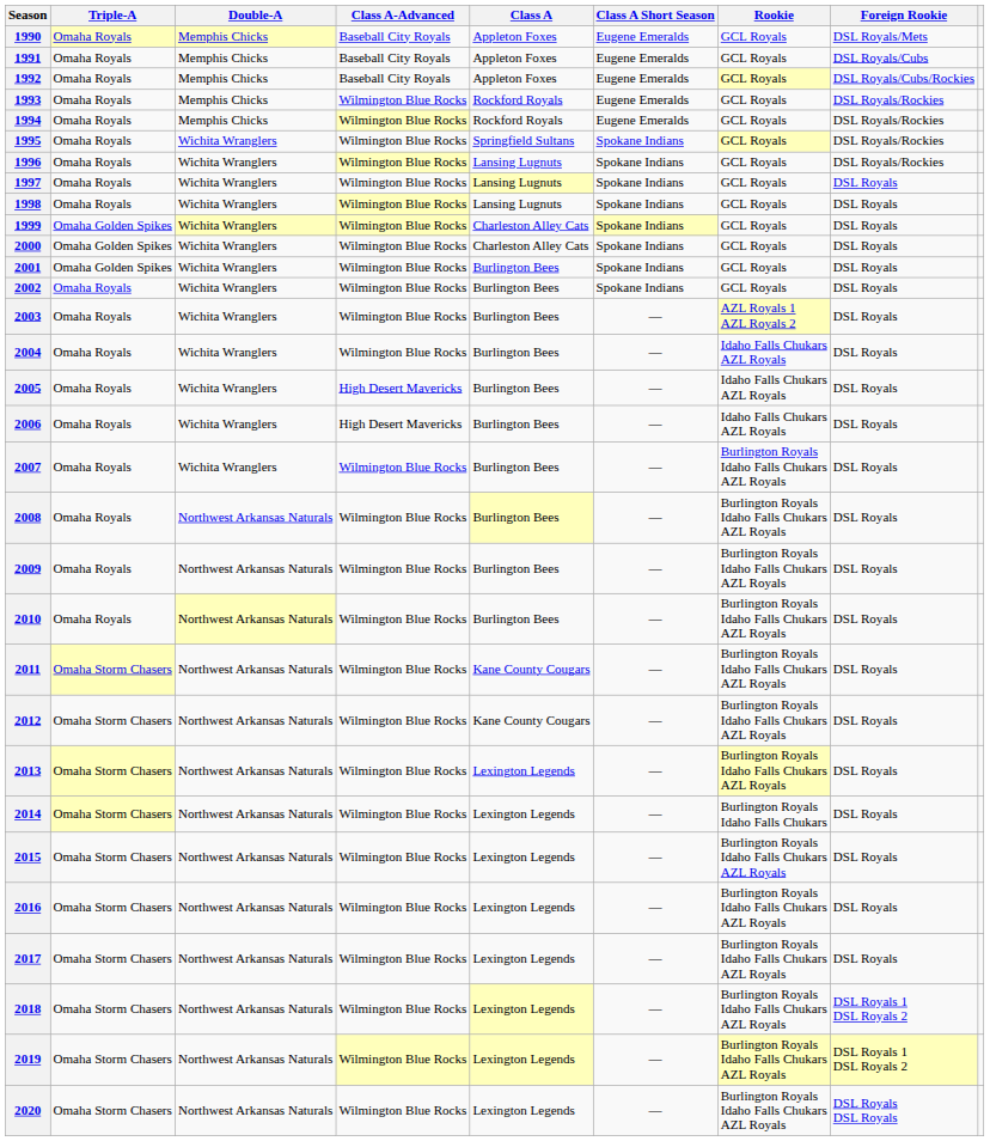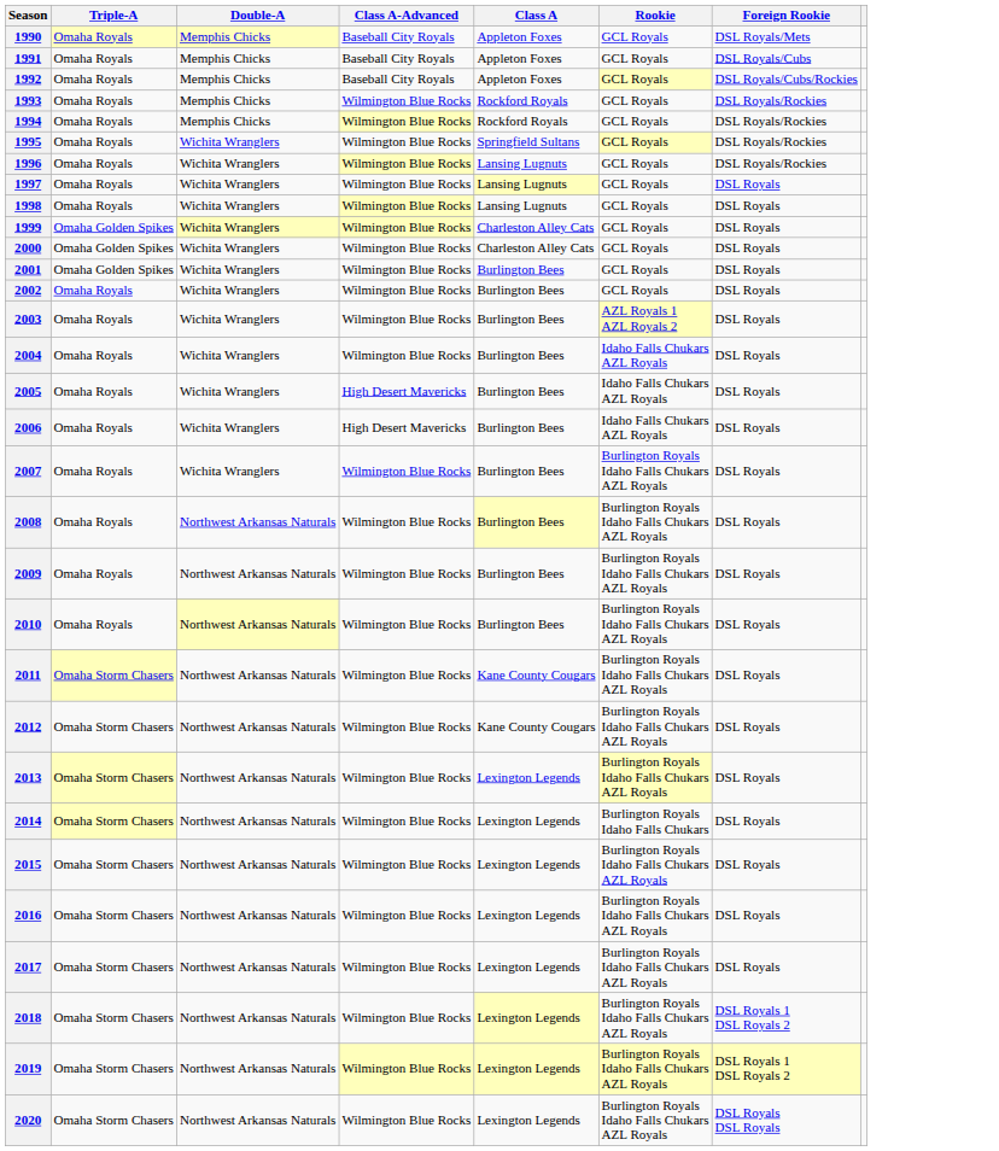 <table class="wikitable plainrowheaders">
 <tr>
 <th scope="col">Season</th>
 <th scope="col"><a href='#'><span>Triple-A</span></a></th>
 <th scope="col"><a href='#'><span>Double-A</span></a></th>
 <th scope="col"><a href='#'><span>Class A-Advanced</span></a></th>
 <th scope="col"><a href='#'><span>Class A</span></a></th>
-<th scope="col"><a href='#'><span>Class A Short Season</span></a></th>
 <th scope="col"><a href='#'><span>Rookie</span></a></th>
 <th scope="col"><a href='#'><span>Foreign Rookie</span></a></th>
 <th scope="col"></th>
 </tr>
 <tr>
 <th scope="row" style="text-align:center"><a href='#'>1990</a></th>
 <td style="background:#FFFFBB"><a href='#'>Omaha Royals</a></td>
 <td style="background:#FFFFBB"><a href='#'>Memphis Chicks</a></td>
 <td><a href='#'>Baseball City Royals</a></td>
 <td><a href='#'>Appleton Foxes</a></td>
-<td><a href='#'>Eugene Emeralds</a></td>
 <td><a href='#'>GCL Royals</a></td>
 <td><a href='#'>DSL Royals/Mets</a></td>
 <td align="center"></td>
 </tr>
 <tr>
 <th scope="row" style="text-align:center"><a href='#'>1991</a></th>
 <td>Omaha Royals</td>
 <td>Memphis Chicks</td>
 <td>Baseball City Royals</td>
 <td>Appleton Foxes</td>
-<td>Eugene Emeralds</td>
 <td>GCL Royals</td>
 <td><a href='#'>DSL Royals/Cubs</a></td>
 <td align="center"></td>
 </tr>
 <tr>
 <th scope="row" style="text-align:center"><a href='#'>1992</a></th>
 <td>Omaha Royals</td>
 <td>Memphis Chicks</td>
 <td>Baseball City Royals</td>
 <td>Appleton Foxes</td>
-<td>Eugene Emeralds</td>
 <td style="background:#FFFFBB">GCL Royals</td>
 <td><a href='#'>DSL Royals/Cubs/Rockies</a></td>
 <td align="center"></td>
 </tr>
 <tr>
 <th scope="row" style="text-align:center"><a href='#'>1993</a></th>
 <td>Omaha Royals</td>
 <td>Memphis Chicks</td>
 <td><a href='#'>Wilmington Blue Rocks</a></td>
 <td><a href='#'>Rockford Royals</a></td>
-<td>Eugene Emeralds</td>
 <td>GCL Royals</td>
 <td><a href='#'>DSL Royals/Rockies</a></td>
 <td align="center"></td>
 </tr>
 <tr>
 <th scope="row" style="text-align:center"><a href='#'>1994</a></th>
 <td>Omaha Royals</td>
 <td>Memphis Chicks</td>
 <td style="background:#FFFFBB">Wilmington Blue Rocks</td>
 <td>Rockford Royals</td>
-<td>Eugene Emeralds</td>
 <td>GCL Royals</td>
 <td>DSL Royals/Rockies</td>
 <td align="center"></td>
 </tr>
 <tr>
 <th scope="row" style="text-align:center"><a href='#'>1995</a></th>
 <td>Omaha Royals</td>
 <td><a href='#'>Wichita Wranglers</a></td>
 <td>Wilmington Blue Rocks</td>
 <td><a href='#'>Springfield Sultans</a></td>
-<td><a href='#'>Spokane Indians</a></td>
 <td style="background:#FFFFBB">GCL Royals</td>
 <td>DSL Royals/Rockies</td>
 <td align="center"></td>
 </tr>
 <tr>
 <th scope="row" style="text-align:center"><a href='#'>1996</a></th>
 <td>Omaha Royals</td>
 <td>Wichita Wranglers</td>
 <td style="background:#FFFFBB">Wilmington Blue Rocks</td>
 <td><a href='#'>Lansing Lugnuts</a></td>
-<td>Spokane Indians</td>
 <td>GCL Royals</td>
 <td>DSL Royals/Rockies</td>
 <td align="center"></td>
 </tr>
 <tr>
 <th scope="row" style="text-align:center"><a href='#'>1997</a></th>
 <td>Omaha Royals</td>
 <td>Wichita Wranglers</td>
 <td>Wilmington Blue Rocks</td>
 <td style="background:#FFFFBB">Lansing Lugnuts</td>
-<td>Spokane Indians</td>
 <td>GCL Royals</td>
 <td><a href='#'>DSL Royals</a></td>
 <td align="center"></td>
 </tr>
 <tr>
 <th scope="row" style="text-align:center"><a href='#'>1998</a></th>
 <td>Omaha Royals</td>
 <td>Wichita Wranglers</td>
 <td style="background:#FFFFBB">Wilmington Blue Rocks</td>
 <td>Lansing Lugnuts</td>
-<td>Spokane Indians</td>
 <td>GCL Royals</td>
 <td>DSL Royals</td>
 <td align="center"></td>
 </tr>
 <tr>
 <th scope="row" style="text-align:center"><a href='#'>1999</a></th>
 <td><a href='#'>Omaha Golden Spikes</a></td>
 <td style="background:#FFFFBB">Wichita Wranglers</td>
 <td style="background:#FFFFBB">Wilmington Blue Rocks</td>
 <td><a href='#'>Charleston Alley Cats</a></td>
-<td style="background:#FFFFBB">Spokane Indians</td>
 <td>GCL Royals</td>
 <td>DSL Royals</td>
 <td align="center"></td>
 </tr>
 <tr>
 <th scope="row" style="text-align:center"><a href='#'>2000</a></th>
 <td>Omaha Golden Spikes</td>
 <td>Wichita Wranglers</td>
 <td>Wilmington Blue Rocks</td>
 <td>Charleston Alley Cats</td>
-<td>Spokane Indians</td>
 <td>GCL Royals</td>
 <td>DSL Royals</td>
 <td align="center"></td>
 </tr>
 <tr>
 <th scope="row" style="text-align:center"><a href='#'>2001</a></th>
 <td>Omaha Golden Spikes</td>
 <td>Wichita Wranglers</td>
 <td>Wilmington Blue Rocks</td>
 <td><a href='#'>Burlington Bees</a></td>
-<td>Spokane Indians</td>
 <td>GCL Royals</td>
 <td>DSL Royals</td>
 <td align="center"></td>
 </tr>
 <tr>
 <th scope="row" style="text-align:center"><a href='#'>2002</a></th>
 <td><a href='#'>Omaha Royals</a></td>
 <td>Wichita Wranglers</td>
 <td>Wilmington Blue Rocks</td>
 <td>Burlington Bees</td>
-<td>Spokane Indians</td>
 <td>GCL Royals</td>
 <td>DSL Royals</td>
 <td align="center"></td>
 </tr>
 <tr>
 <th scope="row" style="text-align:center"><a href='#'>2003</a></th>
 <td>Omaha Royals</td>
 <td>Wichita Wranglers</td>
 <td>Wilmington Blue Rocks</td>
 <td>Burlington Bees</td>
-<td align="center">—</td>
 <td style="background:#FFFFBB"><a href='#'>AZL Royals 1</a><br><a href='#'>AZL Royals 2</a></td>
 <td>DSL Royals</td>
 <td align="center"></td>
 </tr>
 <tr>
 <th scope="row" style="text-align:center"><a href='#'>2004</a></th>
 <td>Omaha Royals</td>
 <td>Wichita Wranglers</td>
 <td>Wilmington Blue Rocks</td>
 <td>Burlington Bees</td>
-<td align="center">—</td>
 <td><a href='#'>Idaho Falls Chukars</a><br><a href='#'>AZL Royals</a></td>
 <td>DSL Royals</td>
 <td align="center"></td>
 </tr>
 <tr>
 <th scope="row" style="text-align:center"><a href='#'>2005</a></th>
 <td>Omaha Royals</td>
 <td>Wichita Wranglers</td>
 <td><a href='#'>High Desert Mavericks</a></td>
 <td>Burlington Bees</td>
-<td align="center">—</td>
 <td>Idaho Falls Chukars<br>AZL Royals</td>
 <td>DSL Royals</td>
 <td align="center"></td>
 </tr>
 <tr>
 <th scope="row" style="text-align:center"><a href='#'>2006</a></th>
 <td>Omaha Royals</td>
 <td>Wichita Wranglers</td>
 <td>High Desert Mavericks</td>
 <td>Burlington Bees</td>
-<td align="center">—</td>
 <td>Idaho Falls Chukars<br>AZL Royals</td>
 <td>DSL Royals</td>
 <td align="center"></td>
 </tr>
 <tr>
 <th scope="row" style="text-align:center"><a href='#'>2007</a></th>
 <td>Omaha Royals</td>
 <td>Wichita Wranglers</td>
 <td><a href='#'>Wilmington Blue Rocks</a></td>
 <td>Burlington Bees</td>
-<td align="center">—</td>
 <td><a href='#'>Burlington Royals</a><br>Idaho Falls Chukars<br>AZL Royals</td>
 <td>DSL Royals</td>
 <td align="center"></td>
 </tr>
 <tr>
 <th scope="row" style="text-align:center"><a href='#'>2008</a></th>
 <td>Omaha Royals</td>
 <td><a href='#'>Northwest Arkansas Naturals</a></td>
 <td>Wilmington Blue Rocks</td>
 <td style="background:#FFFFBB">Burlington Bees</td>
-<td align="center">—</td>
 <td>Burlington Royals<br>Idaho Falls Chukars<br>AZL Royals</td>
 <td>DSL Royals</td>
 <td align="center"></td>
 </tr>
 <tr>
 <th scope="row" style="text-align:center"><a href='#'>2009</a></th>
 <td>Omaha Royals</td>
 <td>Northwest Arkansas Naturals</td>
 <td>Wilmington Blue Rocks</td>
 <td>Burlington Bees</td>
-<td align="center">—</td>
 <td>Burlington Royals<br>Idaho Falls Chukars<br>AZL Royals</td>
 <td>DSL Royals</td>
 <td align="center"></td>
 </tr>
 <tr>
 <th scope="row" style="text-align:center"><a href='#'>2010</a></th>
 <td>Omaha Royals</td>
 <td style="background:#FFFFBB">Northwest Arkansas Naturals</td>
 <td>Wilmington Blue Rocks</td>
 <td>Burlington Bees</td>
-<td align="center">—</td>
 <td>Burlington Royals<br>Idaho Falls Chukars<br>AZL Royals</td>
 <td>DSL Royals</td>
 <td align="center"></td>
 </tr>
 <tr>
 <th scope="row" style="text-align:center"><a href='#'>2011</a></th>
 <td style="background:#FFFFBB"><a href='#'>Omaha Storm Chasers</a></td>
 <td>Northwest Arkansas Naturals</td>
 <td>Wilmington Blue Rocks</td>
 <td><a href='#'>Kane County Cougars</a></td>
-<td align="center">—</td>
 <td>Burlington Royals<br>Idaho Falls Chukars<br>AZL Royals</td>
 <td>DSL Royals</td>
 <td align="center"></td>
 </tr>
 <tr>
 <th scope="row" style="text-align:center"><a href='#'>2012</a></th>
 <td>Omaha Storm Chasers</td>
 <td>Northwest Arkansas Naturals</td>
 <td>Wilmington Blue Rocks</td>
 <td>Kane County Cougars</td>
-<td align="center">—</td>
 <td>Burlington Royals<br>Idaho Falls Chukars<br>AZL Royals</td>
 <td>DSL Royals</td>
 <td align="center"></td>
 </tr>
 <tr>
 <th scope="row" style="text-align:center"><a href='#'>2013</a></th>
 <td style="background:#FFFFBB">Omaha Storm Chasers</td>
 <td>Northwest Arkansas Naturals</td>
 <td>Wilmington Blue Rocks</td>
 <td><a href='#'>Lexington Legends</a></td>
-<td align="center">—</td>
 <td style="background:#FFFFBB">Burlington Royals<br>Idaho Falls Chukars<br>AZL Royals</td>
 <td>DSL Royals</td>
 <td align="center"></td>
 </tr>
 <tr>
 <th scope="row" style="text-align:center"><a href='#'>2014</a></th>
 <td style="background:#FFFFBB">Omaha Storm Chasers</td>
 <td>Northwest Arkansas Naturals</td>
 <td>Wilmington Blue Rocks</td>
 <td>Lexington Legends</td>
-<td align="center">—</td>
 <td>Burlington Royals<br>Idaho Falls Chukars</td>
 <td>DSL Royals</td>
 <td align="center"></td>
 </tr>
 <tr>
 <th scope="row" style="text-align:center"><a href='#'>2015</a></th>
 <td>Omaha Storm Chasers</td>
 <td>Northwest Arkansas Naturals</td>
 <td>Wilmington Blue Rocks</td>
 <td>Lexington Legends</td>
-<td align="center">—</td>
 <td>Burlington Royals<br>Idaho Falls Chukars<br><a href='#'>AZL Royals</a></td>
 <td>DSL Royals</td>
 <td align="center"></td>
 </tr>
 <tr>
 <th scope="row" style="text-align:center"><a href='#'>2016</a></th>
 <td>Omaha Storm Chasers</td>
 <td>Northwest Arkansas Naturals</td>
 <td>Wilmington Blue Rocks</td>
 <td>Lexington Legends</td>
-<td align="center">—</td>
 <td>Burlington Royals<br>Idaho Falls Chukars<br>AZL Royals</td>
 <td>DSL Royals</td>
 <td align="center"></td>
 </tr>
 <tr>
 <th scope="row" style="text-align:center"><a href='#'>2017</a></th>
 <td>Omaha Storm Chasers</td>
 <td>Northwest Arkansas Naturals</td>
 <td>Wilmington Blue Rocks</td>
 <td>Lexington Legends</td>
-<td align="center">—</td>
 <td>Burlington Royals<br>Idaho Falls Chukars<br>AZL Royals</td>
 <td>DSL Royals</td>
 <td align="center"></td>
 </tr>
 <tr>
 <th scope="row" style="text-align:center"><a href='#'>2018</a></th>
 <td>Omaha Storm Chasers</td>
 <td>Northwest Arkansas Naturals</td>
 <td>Wilmington Blue Rocks</td>
 <td style="background:#FFFFBB">Lexington Legends</td>
-<td align="center">—</td>
 <td>Burlington Royals<br>Idaho Falls Chukars<br>AZL Royals</td>
 <td><a href='#'>DSL Royals 1</a><br><a href='#'>DSL Royals 2</a></td>
 <td align="center"></td>
 </tr>
 <tr>
 <th scope="row" style="text-align:center"><a href='#'>2019</a></th>
 <td>Omaha Storm Chasers</td>
 <td>Northwest Arkansas Naturals</td>
 <td style="background:#FFFFBB">Wilmington Blue Rocks</td>
 <td style="background:#FFFFBB">Lexington Legends</td>
-<td align="center">—</td>
 <td style="background:#FFFFBB">Burlington Royals<br>Idaho Falls Chukars<br>AZL Royals</td>
 <td style="background:#FFFFBB">DSL Royals 1<br>DSL Royals 2</td>
 <td align="center"></td>
 </tr>
 <tr>
 <th scope="row" style="text-align:center"><a href='#'>2020</a></th>
 <td>Omaha Storm Chasers</td>
 <td>Northwest Arkansas Naturals</td>
 <td>Wilmington Blue Rocks</td>
 <td>Lexington Legends</td>
-<td align="center">—</td>
 <td>Burlington Royals<br>Idaho Falls Chukars<br>AZL Royals</td>
 <td><a href='#'>DSL Royals</a><br><a href='#'>DSL Royals</a></td>
 <td align="center"></td>
 </tr>
 </table>
